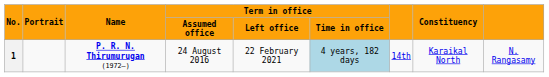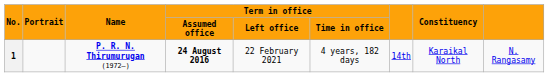 <table class="wikitable sortable" style="text-align:center;">
 <tr>
 <th rowspan=2 style="background-color:#FDA209;color:black">No.</th>
 <th rowspan=2 style="background-color:#FDA209;color:black">Portrait</th>
 <th rowspan=2 style="background-color:#FDA209;color:black">Name<br></th>
 <th colspan=3 style="background-color:#FDA209;color:black">Term in office</th>
 <th rowspan=2 style="background-color:#FDA209;color:black"><a href='#'></a><br></th>
 <th rowspan=2 style="background-color:#FDA209;color:black">Constituency</th>
 <th rowspan=2 style="background-color:#FDA209;color:black"><a href='#'></a></th>
 </tr>
 <tr>
 <th style="background-color:#FDA209;color:black">Assumed office</th>
 <th style="background-color:#FDA209;color:black">Left office</th>
 <th style="background-color:#FDA209;color:black">Time in office</th>
 </tr>
 <tr>
 <th>1</th>
 <td></td>
 <td><strong><a href='#'>P. R. N. Thirumurugan</a></strong><br><small>(1972–)</small></td>
-<td>24 August 2016</td>
+<td><strong>24 August 2016</strong></td>
 <td>22 February 2021</td>
-<td style="background: lightblue;">4 years, 182 days</td>
+<td>4 years, 182 days</td>
 <td><a href='#'>14th</a><br></td>
 <td><a href='#'>Karaikal North</a></td>
 <td><a href='#'>N. Rangasamy</a></td>
 </tr>
 </table>
